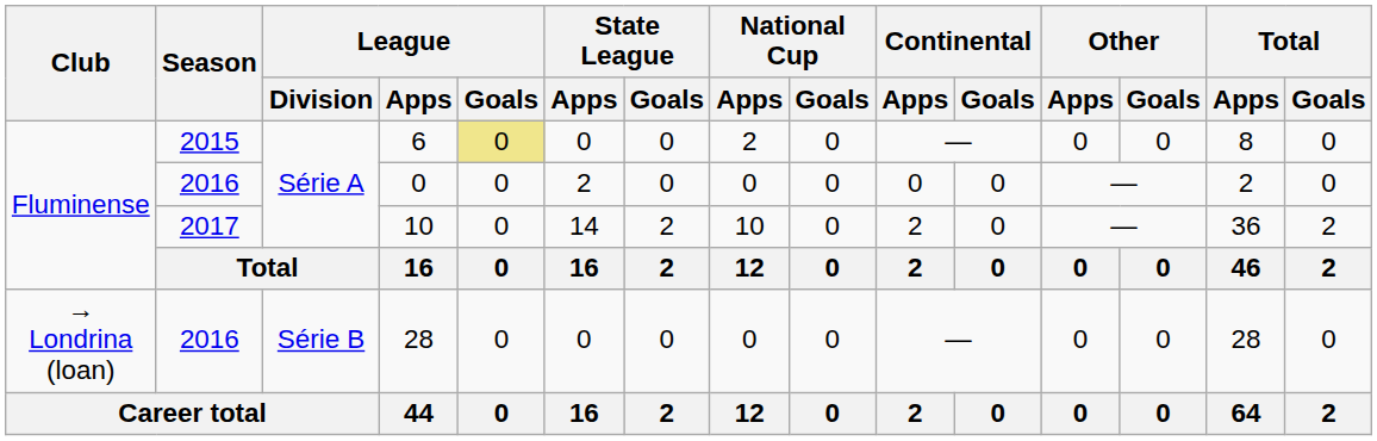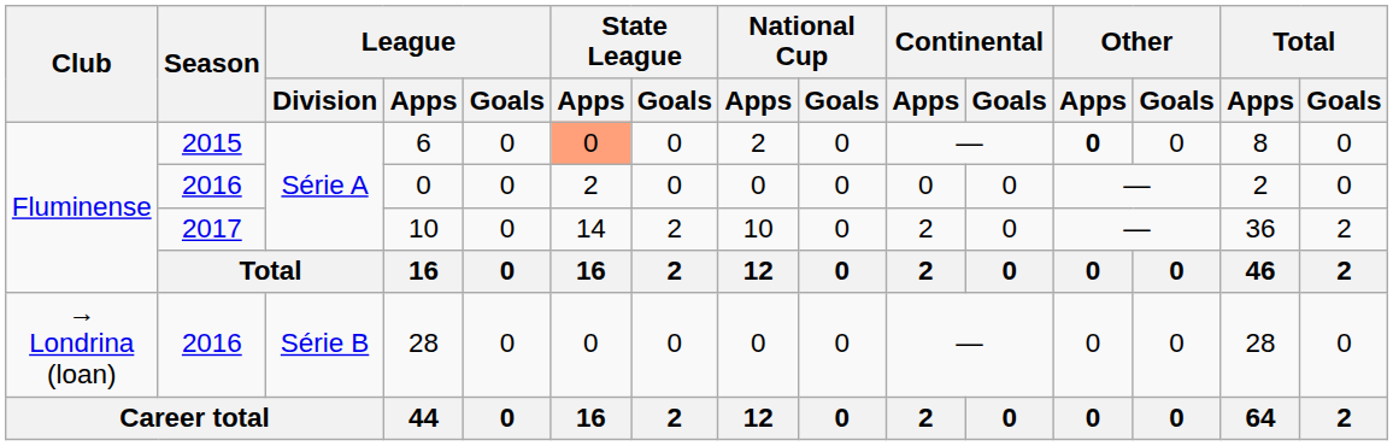 <table class="wikitable" style="text-align: center;">
 <tr>
 <th rowspan="2">Club</th>
 <th rowspan="2">Season</th>
 <th colspan="3">League</th>
 <th colspan="2">State League</th>
 <th colspan="2">National Cup</th>
 <th colspan="2">Continental</th>
 <th colspan="2">Other</th>
 <th colspan="2">Total</th>
 </tr>
 <tr>
 <th>Division</th>
 <th>Apps</th>
 <th>Goals</th>
 <th>Apps</th>
 <th>Goals</th>
 <th>Apps</th>
 <th>Goals</th>
 <th>Apps</th>
 <th>Goals</th>
 <th>Apps</th>
 <th>Goals</th>
 <th>Apps</th>
 <th>Goals</th>
 </tr>
 <tr>
 <td rowspan="4" valign="center"><a href='#'>Fluminense</a></td>
 <td><a href='#'>2015</a></td>
 <td rowspan="3"><a href='#'>Série A</a></td>
 <td>6</td>
-<td style="background: khaki;">0</td>
 <td>0</td>
+<td style="background: lightsalmon;">0</td>
 <td>0</td>
 <td>2</td>
 <td>0</td>
 <td colspan="2">—</td>
-<td>0</td>
+<td><strong>0</strong></td>
 <td>0</td>
 <td>8</td>
 <td>0</td>
 </tr>
 <tr>
 <td><a href='#'>2016</a></td>
 <td>0</td>
 <td>0</td>
 <td>2</td>
 <td>0</td>
 <td>0</td>
 <td>0</td>
 <td>0</td>
 <td>0</td>
 <td colspan="2">—</td>
 <td>2</td>
 <td>0</td>
 </tr>
 <tr>
 <td><a href='#'>2017</a></td>
 <td>10</td>
 <td>0</td>
 <td>14</td>
 <td>2</td>
 <td>10</td>
 <td>0</td>
 <td>2</td>
 <td>0</td>
 <td colspan="2">—</td>
 <td>36</td>
 <td>2</td>
 </tr>
 <tr>
 <th colspan="2">Total</th>
 <th>16</th>
 <th>0</th>
 <th>16</th>
 <th>2</th>
 <th>12</th>
 <th>0</th>
 <th>2</th>
 <th>0</th>
 <th>0</th>
 <th>0</th>
 <th>46</th>
 <th>2</th>
 </tr>
 <tr>
 <td rowspan="1" valign="center">→ <a href='#'>Londrina</a> (loan)</td>
 <td><a href='#'>2016</a></td>
 <td rowspan="1"><a href='#'>Série B</a></td>
 <td>28</td>
 <td>0</td>
 <td>0</td>
 <td>0</td>
 <td>0</td>
 <td>0</td>
 <td colspan="2">—</td>
 <td>0</td>
 <td>0</td>
 <td>28</td>
 <td>0</td>
 </tr>
 <tr>
 <th colspan="3">Career total</th>
 <th>44</th>
 <th>0</th>
 <th>16</th>
 <th>2</th>
 <th>12</th>
 <th>0</th>
 <th>2</th>
 <th>0</th>
 <th>0</th>
 <th>0</th>
 <th>64</th>
 <th>2</th>
 </tr>
 </table>
